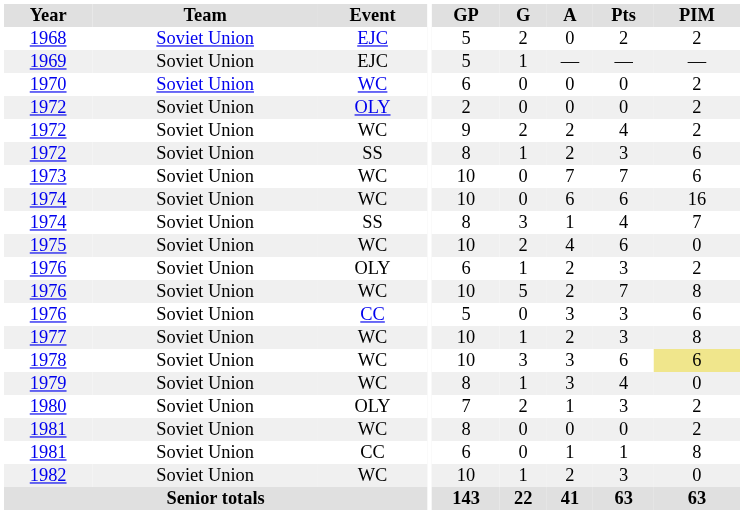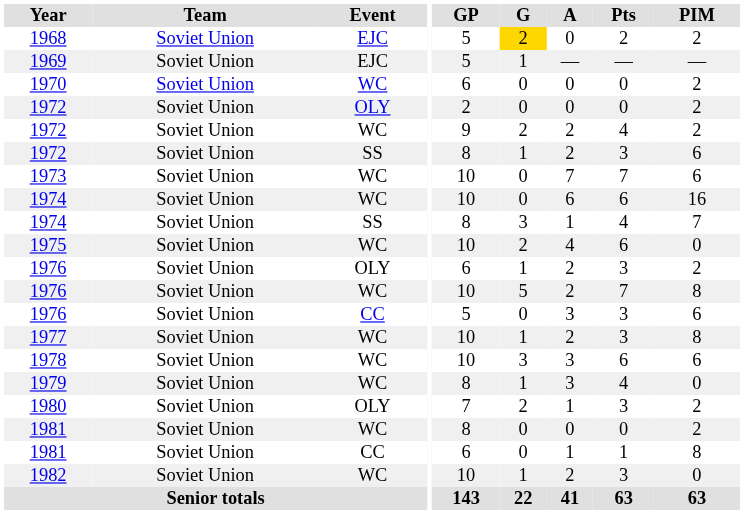 <table border="0" cellpadding="1" cellspacing="0" ID="Table3" style="text-align:center; width:40em">
 <tr bgcolor="#e0e0e0">
 <th>Year</th>
 <th>Team</th>
 <th>Event</th>
 <th rowspan="102" bgcolor="#ffffff"></th>
 <th>GP</th>
 <th>G</th>
 <th>A</th>
 <th>Pts</th>
 <th>PIM</th>
 </tr>
 <tr>
 <td><a href='#'>1968</a></td>
 <td><a href='#'>Soviet Union</a></td>
 <td><a href='#'>EJC</a></td>
 <td>5</td>
-<td>2</td>
+<td style="background: gold;">2</td>
 <td>0</td>
 <td>2</td>
 <td>2</td>
 </tr>
 <tr bgcolor="#f0f0f0">
 <td><a href='#'>1969</a></td>
 <td>Soviet Union</td>
 <td>EJC</td>
 <td>5</td>
 <td>1</td>
 <td>—</td>
 <td>—</td>
 <td>—</td>
 </tr>
 <tr>
 <td><a href='#'>1970</a></td>
 <td><a href='#'>Soviet Union</a></td>
 <td><a href='#'>WC</a></td>
 <td>6</td>
 <td>0</td>
 <td>0</td>
 <td>0</td>
 <td>2</td>
 </tr>
 <tr bgcolor="#f0f0f0">
 <td><a href='#'>1972</a></td>
 <td>Soviet Union</td>
 <td><a href='#'>OLY</a></td>
 <td>2</td>
 <td>0</td>
 <td>0</td>
 <td>0</td>
 <td>2</td>
 </tr>
 <tr>
 <td><a href='#'>1972</a></td>
 <td>Soviet Union</td>
 <td>WC</td>
 <td>9</td>
 <td>2</td>
 <td>2</td>
 <td>4</td>
 <td>2</td>
 </tr>
 <tr bgcolor="#f0f0f0">
 <td><a href='#'>1972</a></td>
 <td>Soviet Union</td>
 <td>SS</td>
 <td>8</td>
 <td>1</td>
 <td>2</td>
 <td>3</td>
 <td>6</td>
 </tr>
 <tr>
 <td><a href='#'>1973</a></td>
 <td>Soviet Union</td>
 <td>WC</td>
 <td>10</td>
 <td>0</td>
 <td>7</td>
 <td>7</td>
 <td>6</td>
 </tr>
 <tr bgcolor="#f0f0f0">
 <td><a href='#'>1974</a></td>
 <td>Soviet Union</td>
 <td>WC</td>
 <td>10</td>
 <td>0</td>
 <td>6</td>
 <td>6</td>
 <td>16</td>
 </tr>
 <tr>
 <td><a href='#'>1974</a></td>
 <td>Soviet Union</td>
 <td>SS</td>
 <td>8</td>
 <td>3</td>
 <td>1</td>
 <td>4</td>
 <td>7</td>
 </tr>
 <tr bgcolor="#f0f0f0">
 <td><a href='#'>1975</a></td>
 <td>Soviet Union</td>
 <td>WC</td>
 <td>10</td>
 <td>2</td>
 <td>4</td>
 <td>6</td>
 <td>0</td>
 </tr>
 <tr>
 <td><a href='#'>1976</a></td>
 <td>Soviet Union</td>
 <td>OLY</td>
 <td>6</td>
 <td>1</td>
 <td>2</td>
 <td>3</td>
 <td>2</td>
 </tr>
 <tr bgcolor="#f0f0f0">
 <td><a href='#'>1976</a></td>
 <td>Soviet Union</td>
 <td>WC</td>
 <td>10</td>
 <td>5</td>
 <td>2</td>
 <td>7</td>
 <td>8</td>
 </tr>
 <tr>
 <td><a href='#'>1976</a></td>
 <td>Soviet Union</td>
 <td><a href='#'>CC</a></td>
 <td>5</td>
 <td>0</td>
 <td>3</td>
 <td>3</td>
 <td>6</td>
 </tr>
 <tr bgcolor="#f0f0f0">
 <td><a href='#'>1977</a></td>
 <td>Soviet Union</td>
 <td>WC</td>
 <td>10</td>
 <td>1</td>
 <td>2</td>
 <td>3</td>
 <td>8</td>
 </tr>
 <tr>
 <td><a href='#'>1978</a></td>
 <td>Soviet Union</td>
 <td>WC</td>
 <td>10</td>
 <td>3</td>
 <td>3</td>
 <td>6</td>
-<td style="background: khaki;">6</td>
+<td>6</td>
 </tr>
 <tr bgcolor="#f0f0f0">
 <td><a href='#'>1979</a></td>
 <td>Soviet Union</td>
 <td>WC</td>
 <td>8</td>
 <td>1</td>
 <td>3</td>
 <td>4</td>
 <td>0</td>
 </tr>
 <tr>
 <td><a href='#'>1980</a></td>
 <td>Soviet Union</td>
 <td>OLY</td>
 <td>7</td>
 <td>2</td>
 <td>1</td>
 <td>3</td>
 <td>2</td>
 </tr>
 <tr bgcolor="#f0f0f0">
 <td><a href='#'>1981</a></td>
 <td>Soviet Union</td>
 <td>WC</td>
 <td>8</td>
 <td>0</td>
 <td>0</td>
 <td>0</td>
 <td>2</td>
 </tr>
 <tr>
 <td><a href='#'>1981</a></td>
 <td>Soviet Union</td>
 <td>CC</td>
 <td>6</td>
 <td>0</td>
 <td>1</td>
 <td>1</td>
 <td>8</td>
 </tr>
 <tr bgcolor="#f0f0f0">
 <td><a href='#'>1982</a></td>
 <td>Soviet Union</td>
 <td>WC</td>
 <td>10</td>
 <td>1</td>
 <td>2</td>
 <td>3</td>
 <td>0</td>
 </tr>
 <tr bgcolor="#e0e0e0">
 <th colspan=3>Senior totals</th>
 <th>143</th>
 <th>22</th>
 <th>41</th>
 <th>63</th>
 <th>63</th>
 </tr>
 </table>
